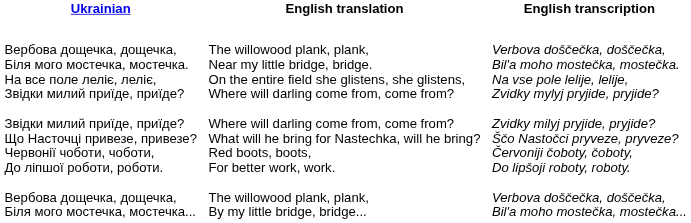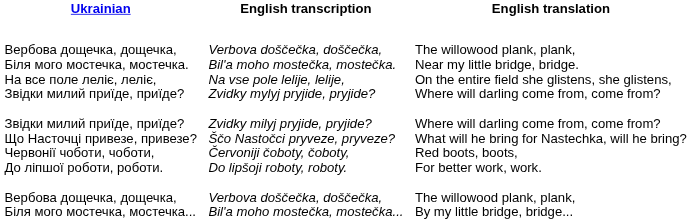 <table cellpadding=6>
 <tr>
 <th><a href='#'>Ukrainian</a></th>
+<th>English transcription</th>
 <th>English translation</th>
-<th>English transcription</th>
 </tr>
 <tr style="vertical-align:top; white-space:nowrap;">
 <td><br>Вербова дощечка, дощечка,<br> Біля мого мостечка, мостечка.<br> На все поле леліє, леліє,<br> Звідки милий приїде, приїде?<br> <br> Звідки милий приїде, приїде?<br> Що Насточці привезе, привезе?<br> Червонії чоботи, чоботи,<br> До ліпшої роботи, роботи.<br> <br> Вербова дощечка, дощечка,<br> Біля мого мостечка, мостечка...</td>
+<td><br><em>Verbova doščečka, doščečka,</em><br> <em>Bil'a moho mostečka, mostečka.</em><br> <em>Na vse pole lelije, lelije,</em><br> <em>Zvidky mylyj pryjide, pryjide?</em><br> <br> <em>Zvidky milyj pryjide, pryjide?</em><br> <em>Ščo Nastočci pryveze, pryveze?</em><br> <em>Červoniji čoboty, čoboty,</em><br> <em>Do lipšoji roboty, roboty.</em><br> <br> <em>Verbova doščečka, doščečka,</em><br> <em>Bil'a moho mostečka, mostečka...</em></td>
 <td><br>The willowood plank, plank,<br> Near my little bridge, bridge.<br> On the entire field she glistens, she glistens,<br> Where will darling come from, come from?<br> <br> Where will darling come from, come from?<br> What will he bring for Nastechka, will he bring?<br> Red boots, boots,<br> For better work, work.<br> <br> The willowood plank, plank,<br> By my little bridge, bridge...</td>
-<td><br><em>Verbova doščečka, doščečka,</em><br> <em>Bil'a moho mostečka, mostečka.</em><br> <em>Na vse pole lelije, lelije,</em><br> <em>Zvidky mylyj pryjide, pryjide?</em><br> <br> <em>Zvidky milyj pryjide, pryjide?</em><br> <em>Ščo Nastočci pryveze, pryveze?</em><br> <em>Červoniji čoboty, čoboty,</em><br> <em>Do lipšoji roboty, roboty.</em><br> <br> <em>Verbova doščečka, doščečka,</em><br> <em>Bil'a moho mostečka, mostečka...</em></td>
 </tr>
 </table>
